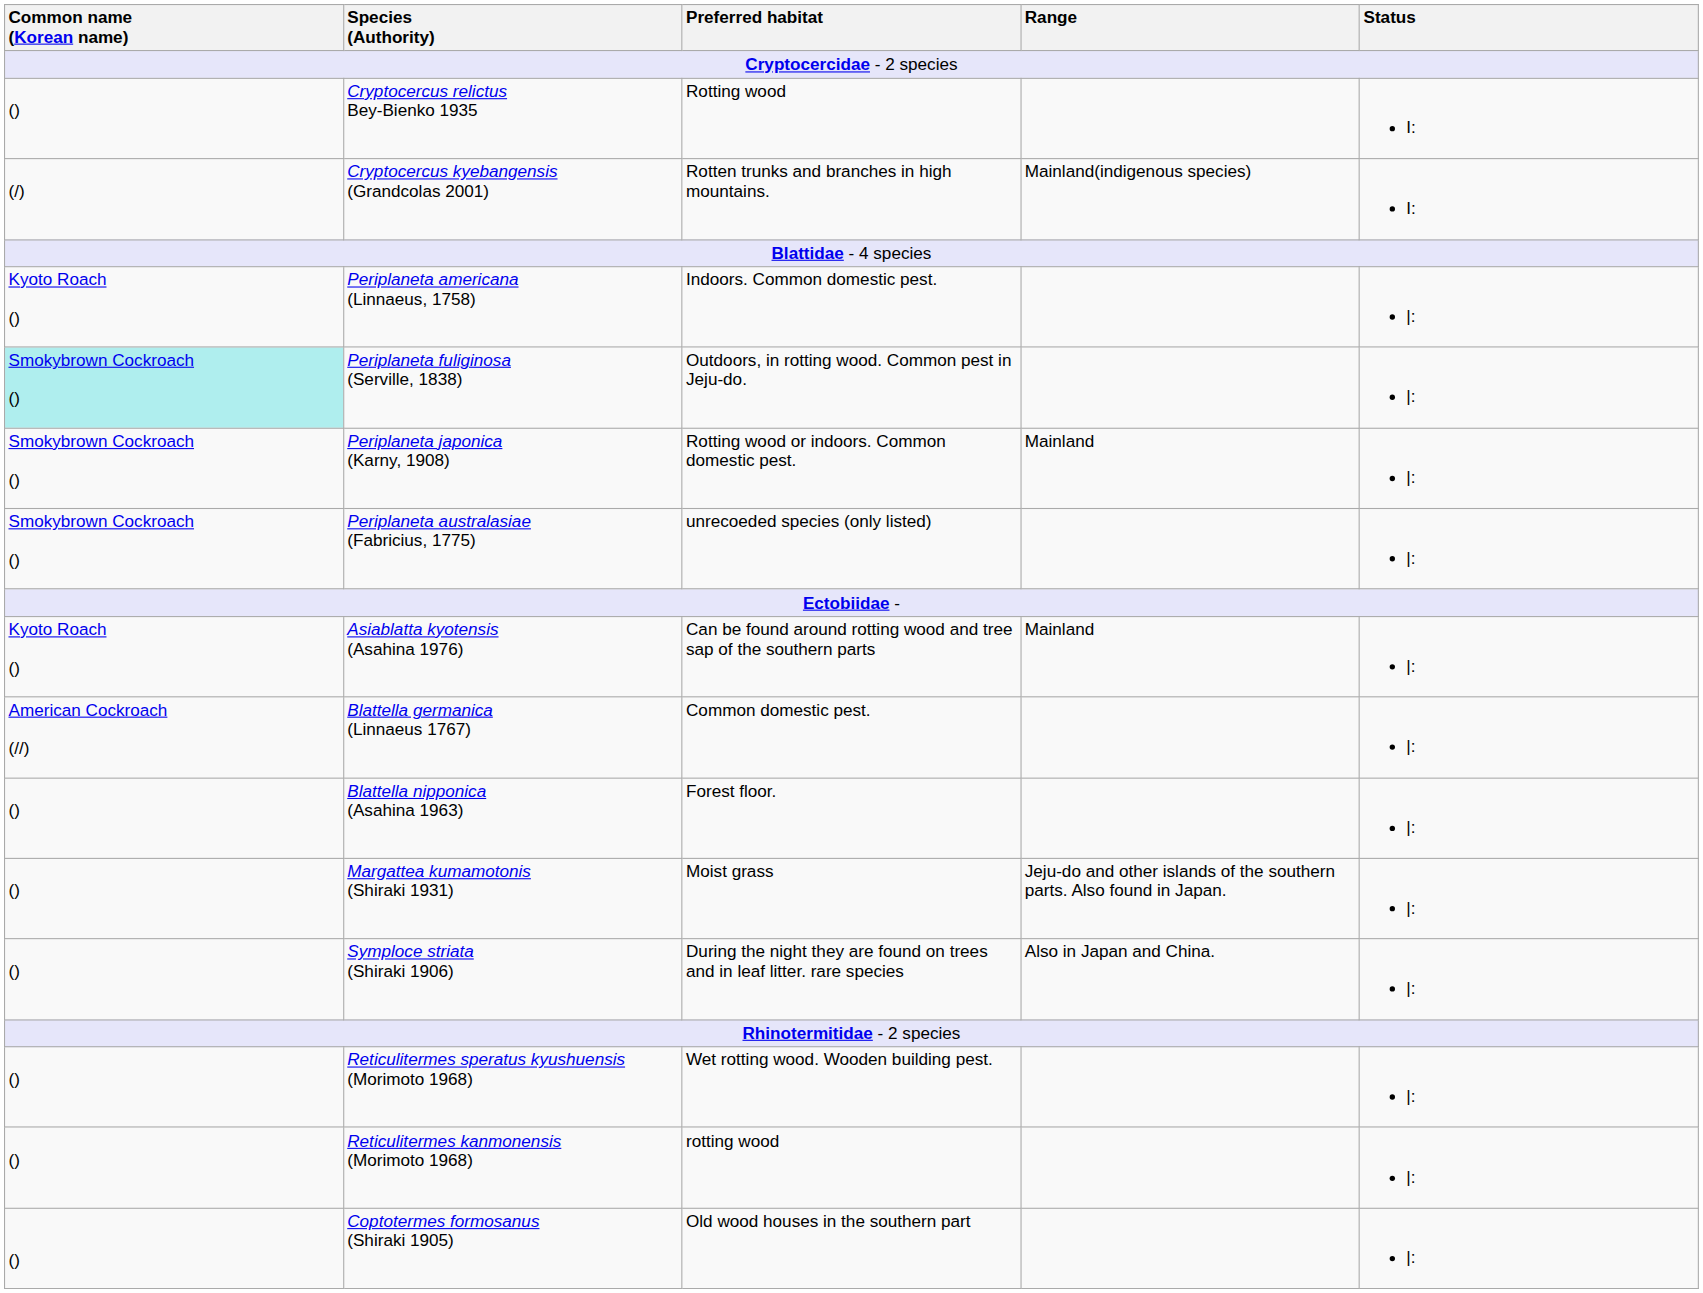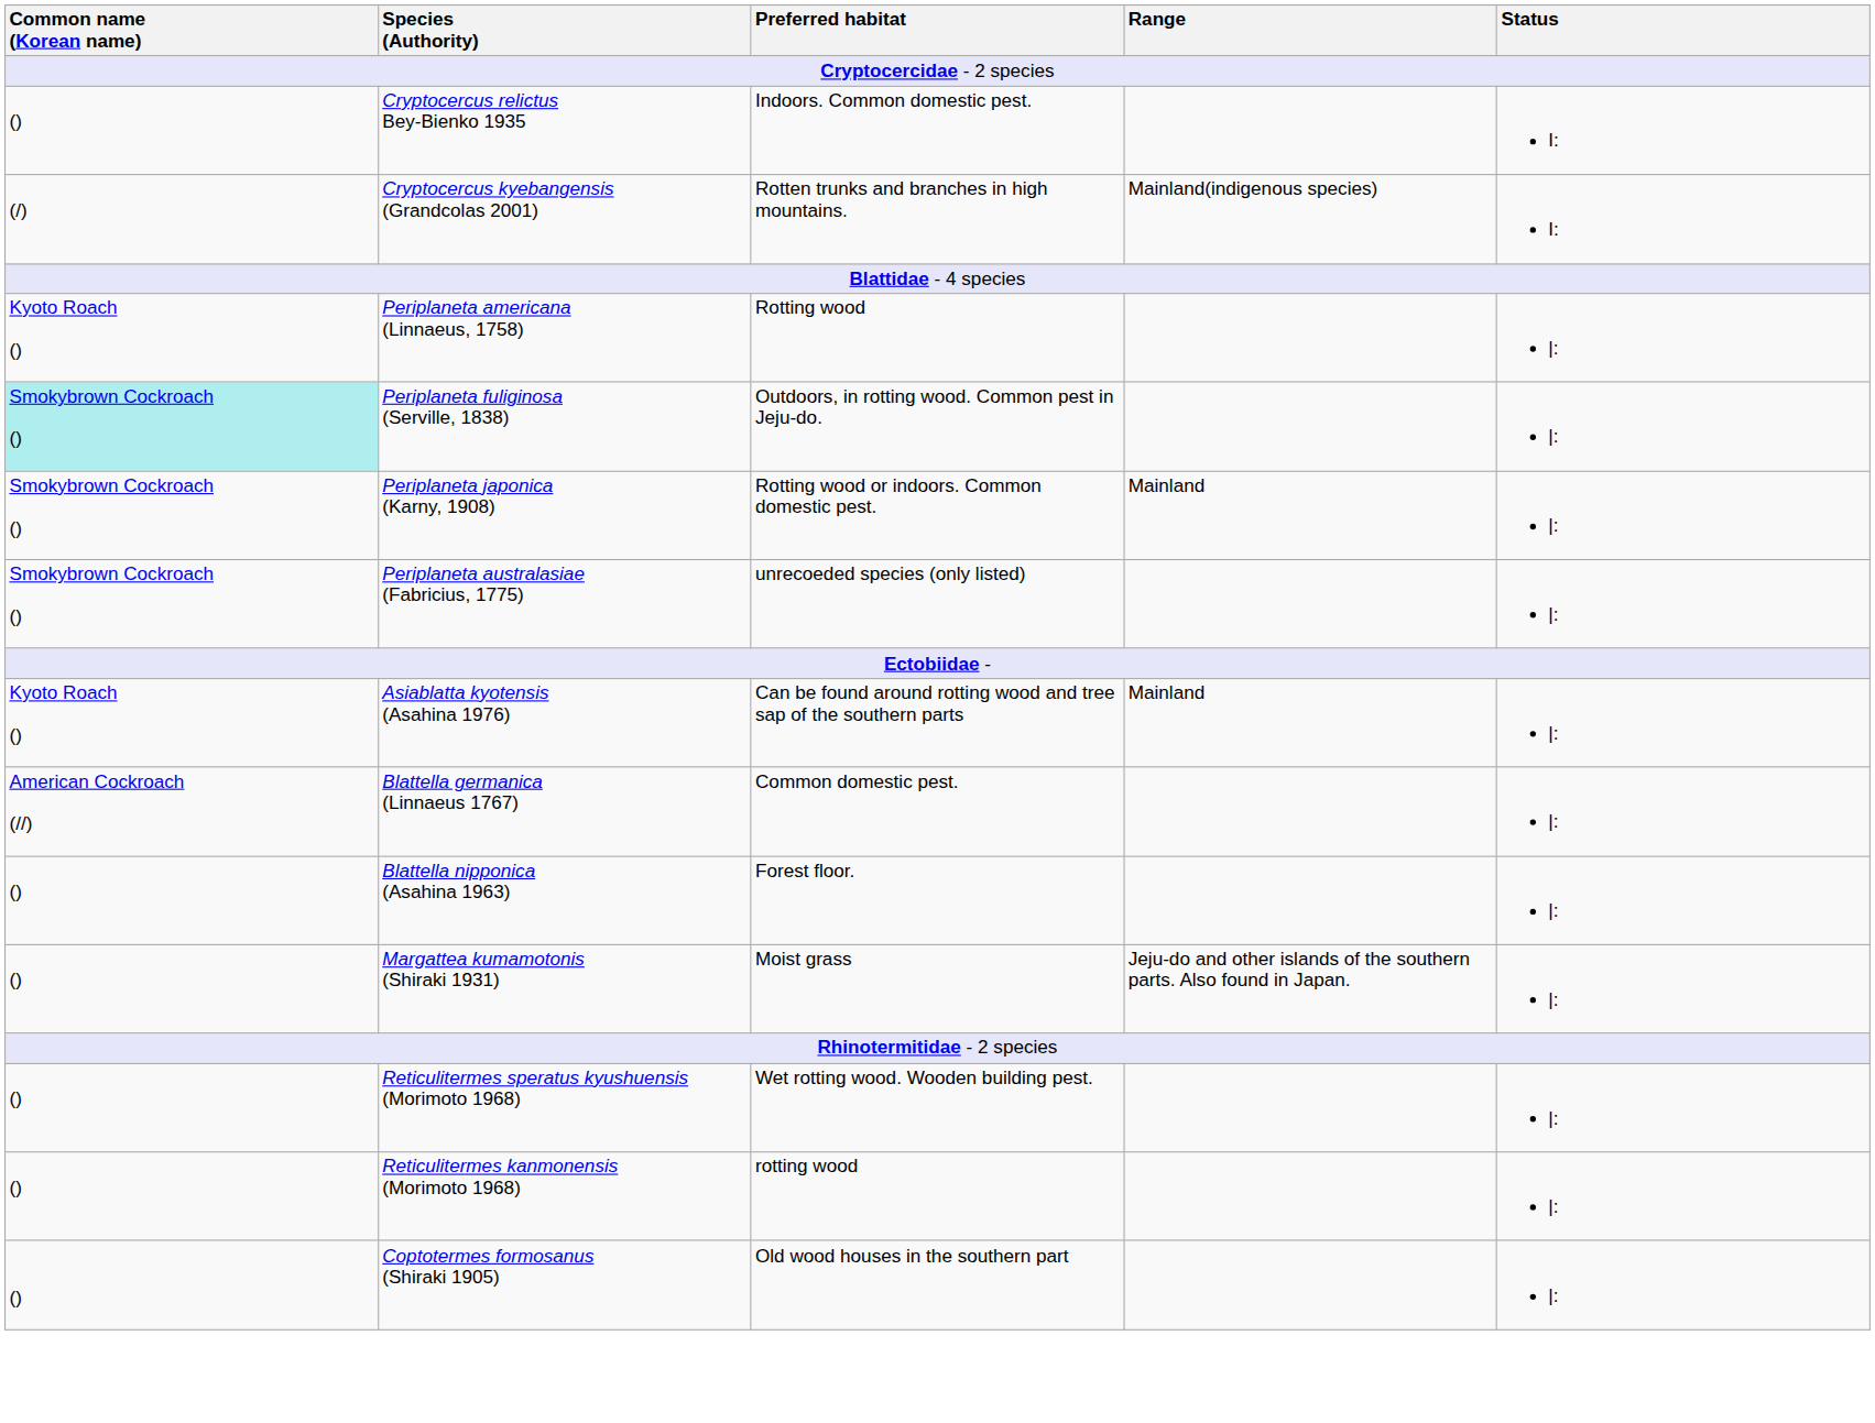 <table width=100% class="wikitable">
 <tr valign="top" bgcolor="">
 <th width=20% style="text-align:left">Common name<br>(<a href='#'>Korean</a> name)</th>
 <th width=20% style="text-align:left">Species<br>(Authority)</th>
 <th width=20% style="text-align:left">Preferred habitat</th>
 <th width=20% style="text-align:left">Range</th>
 <th width=20% style="text-align:left">Status</th>
 </tr>
 <tr>
 <td colspan=5 style="background:lavender;text-align:center;"><strong><a href='#'>Cryptocercidae</a></strong> - 2 species</td>
 </tr>
 <tr valign="top">
 <td><br>()</td>
 <td><em><a href='#'>Cryptocercus relictus</a></em><br>Bey-Bienko 1935</td>
-<td>Rotting wood</td>
+<td>Indoors. Common domestic pest.</td>
 <td></td>
 <td><br><ul><li>I:</li></ul></td>
 </tr>
 <tr valign="top">
 <td><br>(/)</td>
 <td><em><a href='#'>Cryptocercus kyebangensis</a></em><br>(Grandcolas 2001)</td>
 <td>Rotten trunks and branches in high mountains.</td>
 <td>Mainland(indigenous species)</td>
 <td><br><ul><li>I:</li></ul></td>
 </tr>
 <tr>
 <td colspan=5 style="background:lavender;text-align:center;"><strong><a href='#'>Blattidae</a></strong> - 4 species</td>
 </tr>
 <tr valign="top">
 <td><a href='#'>Kyoto Roach</a><br> <br> ()</td>
 <td><em><a href='#'>Periplaneta americana</a></em><br>(Linnaeus, 1758)</td>
-<td>Indoors. Common domestic pest.</td>
+<td>Rotting wood</td>
 <td></td>
 <td><br><ul><li>|:</li></ul></td>
 </tr>
 <tr valign="top">
 <td style="background: paleturquoise;"><a href='#'>Smokybrown Cockroach</a><br> <br> ()</td>
 <td><em><a href='#'>Periplaneta fuliginosa</a></em><br>(Serville, 1838)</td>
 <td>Outdoors, in rotting wood. Common pest in Jeju-do.</td>
 <td></td>
 <td><br><ul><li>|:</li></ul></td>
 </tr>
 <tr valign="top">
 <td><a href='#'>Smokybrown Cockroach</a><br> <br> ()</td>
 <td><em><a href='#'>Periplaneta japonica</a></em><br>(Karny, 1908)</td>
 <td>Rotting wood or indoors. Common domestic pest.</td>
 <td>Mainland</td>
 <td><br><ul><li>|:</li></ul></td>
 </tr>
 <tr valign="top">
 <td><a href='#'>Smokybrown Cockroach</a><br> <br> ()</td>
 <td><em><a href='#'>Periplaneta australasiae</a></em><br>(Fabricius, 1775)</td>
 <td>unrecoeded species (only listed)</td>
 <td></td>
 <td><br><ul><li>|:</li></ul></td>
 </tr>
 <tr>
 <td colspan=5 style="background:lavender;text-align:center;"><strong><a href='#'>Ectobiidae</a></strong> -</td>
 </tr>
 <tr valign="top">
 <td><a href='#'>Kyoto Roach</a><br> <br> ()</td>
 <td><em><a href='#'>Asiablatta kyotensis</a></em><br>(Asahina 1976)</td>
 <td>Can be found around rotting wood and tree sap of the southern parts</td>
 <td>Mainland</td>
 <td><br><ul><li>|:</li></ul></td>
 </tr>
 <tr valign="top">
 <td><a href='#'>American Cockroach</a><br> <br> (//)</td>
 <td><em><a href='#'>Blattella germanica</a></em><br>(Linnaeus 1767)</td>
 <td>Common domestic pest.</td>
 <td></td>
 <td><br><ul><li>|:</li></ul></td>
 </tr>
 <tr valign="top">
 <td><br>()</td>
 <td><em><a href='#'>Blattella nipponica</a></em><br>(Asahina 1963)</td>
 <td>Forest floor.</td>
 <td></td>
 <td><br><ul><li>|:</li></ul></td>
 </tr>
 <tr valign="top">
 <td><br>()</td>
 <td><em><a href='#'>Margattea kumamotonis</a></em><br>(Shiraki 1931)</td>
 <td>Moist grass</td>
 <td>Jeju-do and other islands of the southern parts. Also found in Japan.</td>
 <td><br><ul><li>|:</li></ul></td>
 </tr>
-<tr valign="top">
-<td><br>()</td>
-<td><em><a href='#'>Symploce striata</a></em><br>(Shiraki 1906)</td>
-<td>During the night they are found on trees and in leaf litter. rare species</td>
-<td>Also in Japan and China.</td>
-<td><br><ul><li>|:</li></ul></td>
-</tr>
 <tr>
 <td colspan=5 style="background:lavender;text-align:center;"><strong><a href='#'>Rhinotermitidae</a></strong> - 2 species</td>
 </tr>
 <tr valign="top">
 <td><br>()</td>
 <td><em><a href='#'>Reticulitermes speratus kyushuensis</a></em><br>(Morimoto 1968)</td>
 <td>Wet rotting wood. Wooden building pest.</td>
 <td></td>
 <td><br><ul><li>|:</li></ul></td>
 </tr>
 <tr valign="top">
 <td><br>()</td>
 <td><em><a href='#'>Reticulitermes kanmonensis</a></em><br>(Morimoto 1968)</td>
 <td>rotting wood</td>
 <td></td>
 <td><br><ul><li>|:</li></ul></td>
 </tr>
 <tr valign="top">
 <td><br> <br> ()</td>
 <td><em><a href='#'>Coptotermes formosanus</a></em><br>(Shiraki 1905)</td>
 <td>Old wood houses in the southern part</td>
 <td></td>
 <td><br><ul><li>|:</li></ul></td>
 </tr>
 </table>
